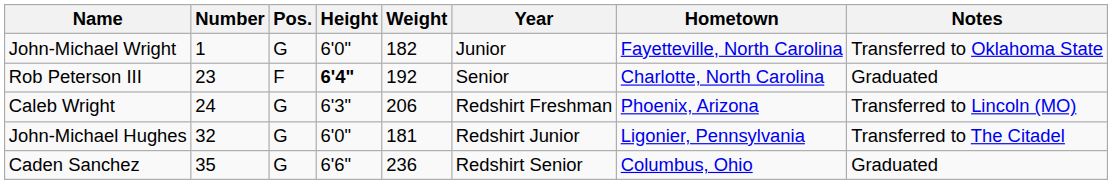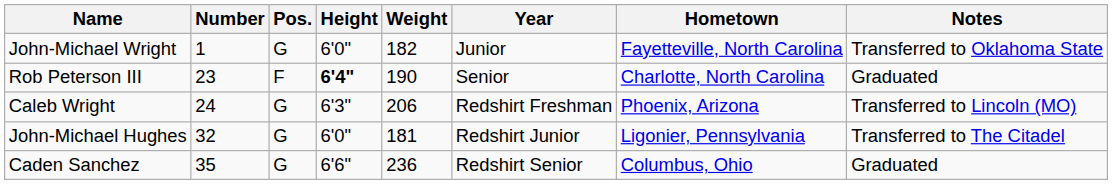 <table class="wikitable sortable sortable" border="1">
 <tr align=center>
 <th style="background:#">Name</th>
 <th style="background:#">Number</th>
 <th style="background:#">Pos.</th>
 <th style="background:#">Height</th>
 <th style="background:#">Weight</th>
 <th style="background:#">Year</th>
 <th style="background:#">Hometown</th>
 <th style="background:#">Notes</th>
 </tr>
 <tr>
 <td>John-Michael Wright</td>
 <td>1</td>
 <td>G</td>
 <td>6'0"</td>
 <td>182</td>
 <td>Junior</td>
 <td><a href='#'>Fayetteville, North Carolina</a></td>
 <td>Transferred to <a href='#'>Oklahoma State</a></td>
 </tr>
 <tr>
 <td>Rob Peterson III</td>
 <td>23</td>
 <td>F</td>
 <td><strong>6'4"</strong></td>
-<td>192</td>
+<td>190</td>
 <td>Senior</td>
 <td><a href='#'>Charlotte, North Carolina</a></td>
 <td>Graduated</td>
 </tr>
 <tr>
 <td>Caleb Wright</td>
 <td>24</td>
 <td>G</td>
 <td>6'3"</td>
 <td>206</td>
 <td>Redshirt Freshman</td>
 <td><a href='#'>Phoenix, Arizona</a></td>
 <td>Transferred to <a href='#'>Lincoln (MO)</a></td>
 </tr>
 <tr>
 <td>John-Michael Hughes</td>
 <td>32</td>
 <td>G</td>
 <td>6'0"</td>
 <td>181</td>
 <td>Redshirt Junior</td>
 <td><a href='#'>Ligonier, Pennsylvania</a></td>
 <td>Transferred to <a href='#'>The Citadel</a></td>
 </tr>
 <tr>
 <td>Caden Sanchez</td>
 <td>35</td>
 <td>G</td>
 <td>6'6"</td>
 <td>236</td>
 <td>Redshirt Senior</td>
 <td><a href='#'>Columbus, Ohio</a></td>
 <td>Graduated</td>
 </tr>
 </table>
